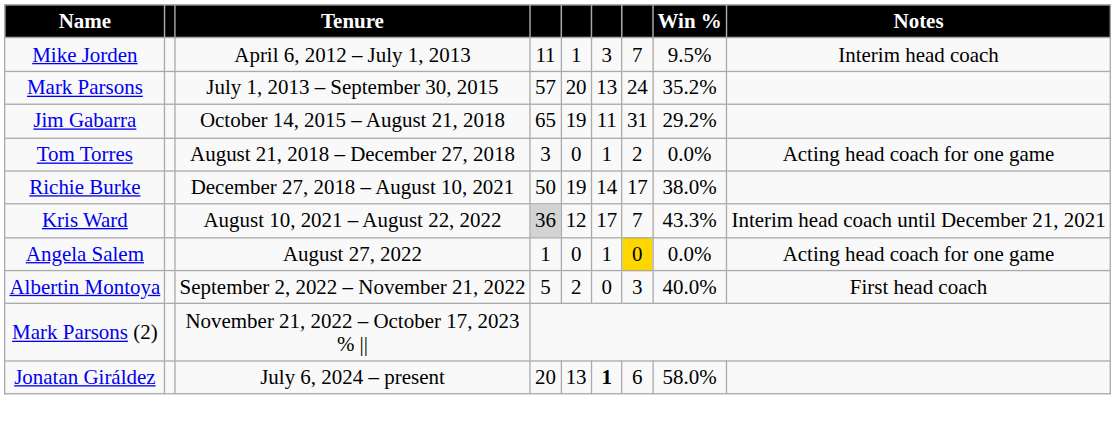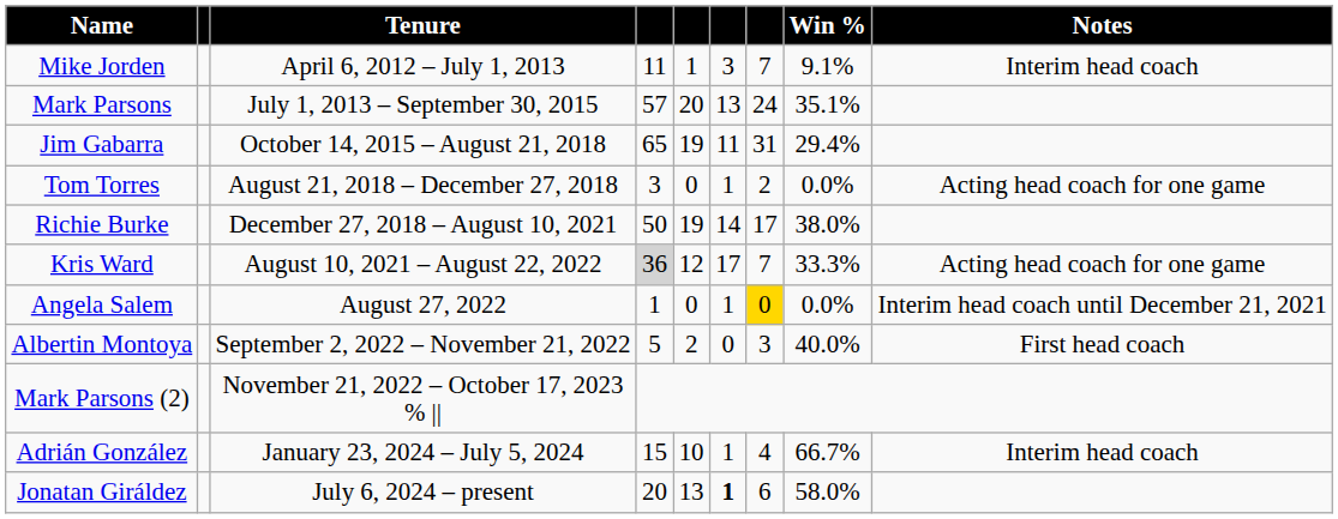 <table class="wikitable sortable" style="text-align: center">
 <tr>
 <th style="background:#000000; color:#FFFFFF; ">Name</th>
 <th style="background:#000000; color:#FFFFFF; "></th>
 <th style="background:#000000; color:#FFFFFF; ">Tenure</th>
 <th style="background:#000000; color:#FFFFFF; "></th>
 <th style="background:#000000; color:#FFFFFF; "></th>
 <th style="background:#000000; color:#FFFFFF; "></th>
 <th style="background:#000000; color:#FFFFFF; "></th>
 <th style="background:#000000; color:#FFFFFF; ">Win %</th>
 <th style="background:#000000; color:#FFFFFF; ">Notes</th>
 </tr>
 <tr>
 <td><a href='#'>Mike Jorden</a></td>
 <td></td>
 <td>April 6, 2012 – July 1, 2013</td>
 <td>11</td>
 <td>1</td>
 <td>3</td>
 <td>7</td>
-<td>9.5%</td>
+<td>9.1%</td>
 <td>Interim head coach</td>
 </tr>
 <tr>
 <td><a href='#'>Mark Parsons</a></td>
 <td></td>
 <td>July 1, 2013 – September 30, 2015</td>
 <td>57</td>
 <td>20</td>
 <td>13</td>
 <td>24</td>
-<td>35.2%</td>
+<td>35.1%</td>
 <td></td>
 </tr>
 <tr>
 <td><a href='#'>Jim Gabarra</a></td>
 <td></td>
 <td>October 14, 2015 – August 21, 2018</td>
 <td>65</td>
 <td>19</td>
 <td>11</td>
 <td>31</td>
-<td>29.2%</td>
+<td>29.4%</td>
 <td></td>
 </tr>
 <tr>
 <td><a href='#'>Tom Torres</a></td>
 <td></td>
 <td>August 21, 2018 – December 27, 2018</td>
 <td>3</td>
 <td>0</td>
 <td>1</td>
 <td>2</td>
 <td>0.0%</td>
 <td>Acting head coach for one game</td>
 </tr>
 <tr>
 <td><a href='#'>Richie Burke</a></td>
 <td></td>
 <td>December 27, 2018 – August 10, 2021</td>
 <td>50</td>
 <td>19</td>
 <td>14</td>
 <td>17</td>
 <td>38.0%</td>
 <td></td>
 </tr>
 <tr>
 <td><a href='#'>Kris Ward</a></td>
 <td></td>
 <td>August 10, 2021 – August 22, 2022</td>
 <td style="background: lightgrey;">36</td>
 <td>12</td>
 <td>17</td>
 <td>7</td>
-<td>43.3%</td>
-<td>Interim head coach until December 21, 2021</td>
+<td>33.3%</td>
+<td>Acting head coach for one game</td>
 </tr>
 <tr>
 <td><a href='#'>Angela Salem</a></td>
 <td></td>
 <td>August 27, 2022</td>
 <td>1</td>
 <td>0</td>
 <td>1</td>
 <td style="background: gold;">0</td>
 <td>0.0%</td>
-<td>Acting head coach for one game</td>
+<td>Interim head coach until December 21, 2021</td>
 </tr>
 <tr>
 <td><a href='#'>Albertin Montoya</a></td>
 <td></td>
 <td>September 2, 2022 – November 21, 2022</td>
 <td>5</td>
 <td>2</td>
 <td>0</td>
 <td>3</td>
 <td>40.0%</td>
 <td>First head coach</td>
 </tr>
 <tr>
 <td><a href='#'>Mark Parsons</a> (2)</td>
 <td></td>
 <td>November 21, 2022 – October 17, 2023<br>%  || </td>
 </tr>
 <tr>
+<td><a href='#'>Adrián González</a></td>
+<td></td>
+<td>January 23, 2024 – July 5, 2024</td>
+<td>15</td>
+<td>10</td>
+<td>1</td>
+<td>4</td>
+<td>66.7%</td>
+<td>Interim head coach</td>
+</tr>
+<tr>
 <td><a href='#'>Jonatan Giráldez</a></td>
 <td></td>
 <td>July 6, 2024 – present</td>
 <td>20</td>
 <td>13</td>
 <td><strong>1</strong></td>
 <td>6</td>
 <td>58.0%</td>
 <td></td>
 </tr>
 </table>
